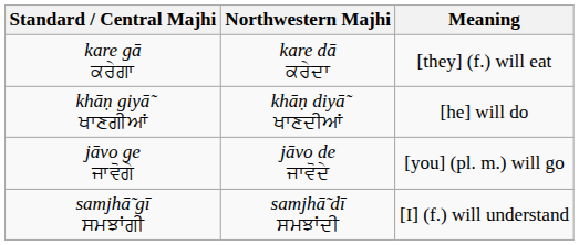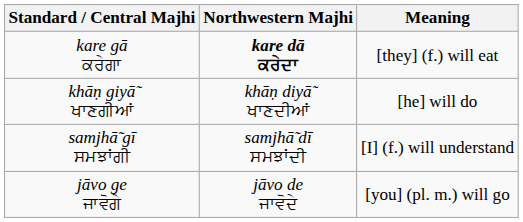 <table class="wikitable" style="text-align:center;">
 <tr>
 <th colspan="1">Standard / Central Majhi</th>
 <th colspan="1">Northwestern Majhi</th>
 <th colspan="1">Meaning</th>
 </tr>
 <tr>
 <td><em>kare gā</em><br>ਕਰੇਗਾ<br> </td>
-<td><em>kare dā</em><br>ਕਰੇਦਾ<br> </td>
+<td><strong><em>kare dā</em><br>ਕਰੇਦਾ<br> </strong></td>
 <td>[they] (f.) will eat</td>
 </tr>
 <tr>
 <td><em>khāṇ giyā̃</em><br>ਖਾਣਗੀਆਂ<br> </td>
 <td><em>khāṇ diyā̃</em><br>ਖਾਣਦੀਆਂ<br> </td>
 <td>[he] will do</td>
 </tr>
 <tr>
+<td><em>samjhā̃ gī</em><br>ਸਮਝਾਂਗੀ<br> </td>
+<td><em>samjhā̃ dī</em><br>ਸਮਝਾਂਦੀ<br> </td>
+<td>[I] (f.) will understand</td>
+</tr>
+<tr>
 <td><em>jāvo ge</em><br>ਜਾਵੋਗੇ<br> </td>
 <td><em>jāvo de</em><br>ਜਾਵੋਦੇ<br> </td>
 <td>[you] (pl. m.) will go</td>
 </tr>
-<tr>
-<td><em>samjhā̃ gī</em><br>ਸਮਝਾਂਗੀ<br> </td>
-<td><em>samjhā̃ dī</em><br>ਸਮਝਾਂਦੀ<br> </td>
-<td>[I] (f.) will understand</td>
-</tr>
 </table>
